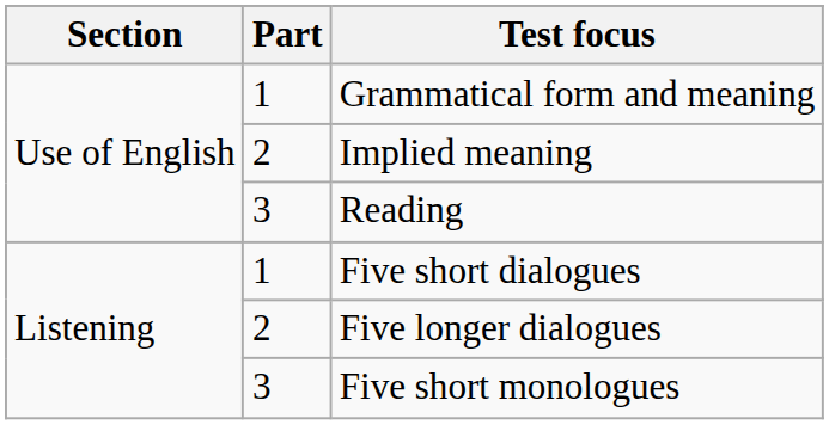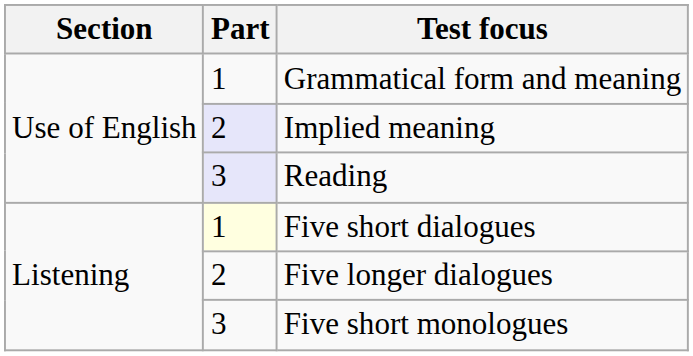 <table class="wikitable">
 <tr>
 <th>Section</th>
 <th>Part</th>
 <th>Test focus</th>
 </tr>
 <tr>
 <td rowspan="3">Use of English</td>
 <td>1</td>
 <td>Grammatical form and meaning</td>
 </tr>
 <tr>
-<td>2</td>
+<td style="background: lavender;">2</td>
 <td>Implied meaning</td>
 </tr>
 <tr>
-<td>3</td>
+<td style="background: lavender;">3</td>
 <td>Reading</td>
 </tr>
 <tr>
 <td rowspan="3">Listening</td>
-<td>1</td>
+<td style="background: lightyellow;">1</td>
 <td>Five short dialogues</td>
 </tr>
 <tr>
 <td>2</td>
 <td>Five longer dialogues</td>
 </tr>
 <tr>
 <td>3</td>
 <td>Five short monologues</td>
 </tr>
 </table>
